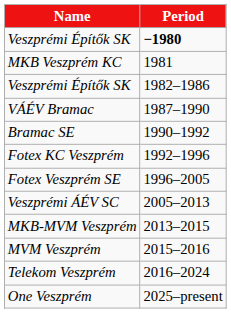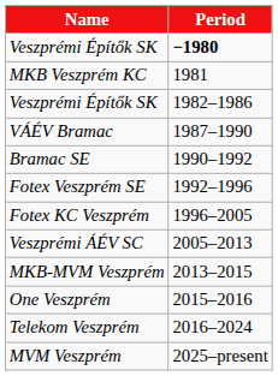 <table class="wikitable" style="text-align: left">
 <tr>
 <th style="color:white; background:#EE1212">Name</th>
 <th style="color:white; background:#EE1212">Period</th>
 </tr>
 <tr>
 <td align=left><em>Veszprémi Építők SK</em></td>
 <td><strong>−1980</strong></td>
 </tr>
 <tr>
 <td align=left><em>MKB Veszprém KC</em></td>
 <td>1981</td>
 </tr>
 <tr>
 <td align=left><em>Veszprémi Építők SK</em></td>
 <td>1982–1986</td>
 </tr>
 <tr>
 <td align=left><em>VÁÉV Bramac</em></td>
 <td>1987–1990</td>
 </tr>
 <tr>
 <td align=left><em>Bramac SE</em></td>
 <td>1990–1992</td>
 </tr>
 <tr>
-<td align=left><em>Fotex KC Veszprém</em></td>
+<td align=left><em>Fotex Veszprém SE</em></td>
 <td>1992–1996</td>
 </tr>
 <tr>
-<td align=left><em>Fotex Veszprém SE</em></td>
+<td align=left><em>Fotex KC Veszprém</em></td>
 <td>1996–2005</td>
 </tr>
 <tr>
 <td align=left><em>Veszprémi ÁÉV SC</em></td>
 <td>2005–2013</td>
 </tr>
 <tr>
 <td align=left><em>MKB-MVM Veszprém</em></td>
 <td>2013–2015</td>
 </tr>
 <tr>
-<td align=left><em>MVM Veszprém</em></td>
+<td align=left><em>One Veszprém</em></td>
 <td>2015–2016</td>
 </tr>
 <tr>
 <td align=left><em>Telekom Veszprém</em></td>
 <td>2016–2024</td>
 </tr>
 <tr>
-<td align=left><em>One Veszprém</em></td>
+<td align=left><em>MVM Veszprém</em></td>
 <td>2025–present</td>
 </tr>
 </table>
